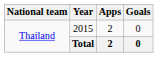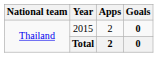 <table class="wikitable" style="text-align:center">
 <tr>
 <th>National team</th>
 <th>Year</th>
 <th>Apps</th>
 <th>Goals</th>
 </tr>
 <tr>
 <td rowspan="4" valign="center"><a href='#'>Thailand</a></td>
 <td>2015</td>
 <td>2</td>
-<td>0</td>
+<td><strong>0</strong></td>
 </tr>
 <tr>
 <th>Total</th>
 <th>2</th>
 <th>0</th>
 </tr>
 </table>
